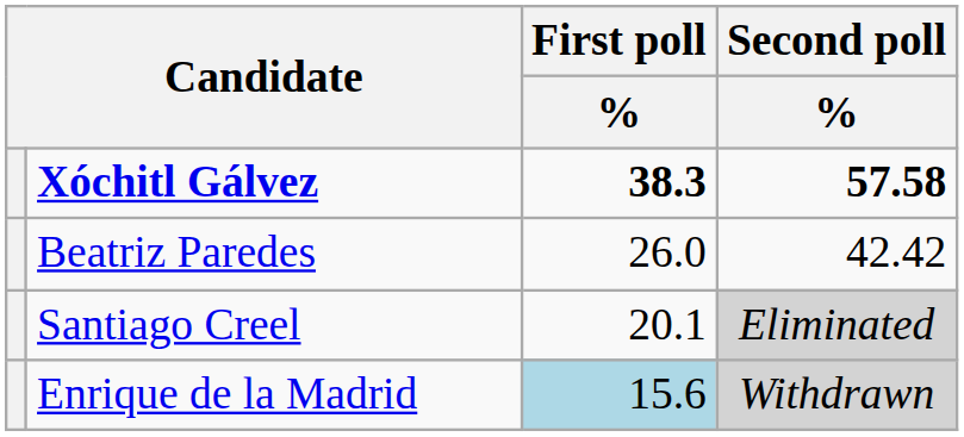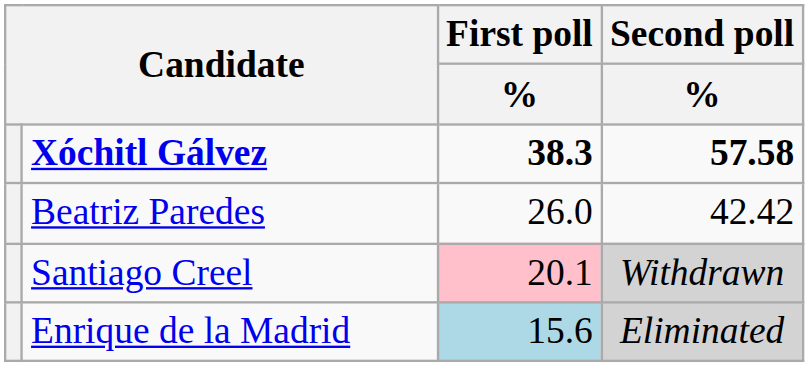 <table class="wikitable" style="font-size:100%">
 <tr>
 <th colspan="2" rowspan="2" style="width: 170px">Candidate</th>
 <th>First poll</th>
 <th>Second poll</th>
 </tr>
 <tr>
 <th>%</th>
 <th>%</th>
 </tr>
 <tr>
 <th style="background-color: "></th>
 <td style="width: 170px"><strong><a href='#'>Xóchitl Gálvez</a></strong></td>
 <td align="right"><strong>38.3</strong></td>
 <td align="right"><strong>57.58</strong></td>
 </tr>
 <tr>
 <th style="background-color: "></th>
 <td style="width: 170px"><a href='#'>Beatriz Paredes</a></td>
 <td align="right">26.0</td>
 <td align="right">42.42</td>
 </tr>
 <tr>
 <th style="background-color: "></th>
 <td><a href='#'>Santiago Creel</a></td>
-<td align="right">20.1</td>
-<td style="background:lightgrey; text-align:center"><em>Eliminated</em></td>
+<td align="right" style="background: pink;">20.1</td>
+<td style="background:lightgrey; text-align:center"><em>Withdrawn</em></td>
 </tr>
 <tr>
 <th style="background-color: "></th>
 <td><a href='#'>Enrique de la Madrid</a></td>
 <td align="right" style="background: lightblue;">15.6</td>
-<td style="background:lightgrey; text-align:center"><em>Withdrawn</em></td>
+<td style="background:lightgrey; text-align:center"><em>Eliminated</em></td>
 </tr>
 </table>
